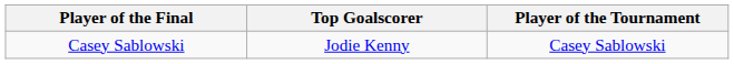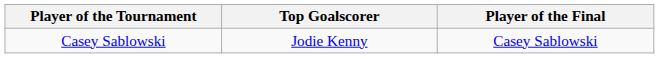 <table class=wikitable style="margin:auto; text-align:center">
 <tr>
+<th style="width: 220px;">Player of the Tournament</th>
+<th style="width: 220px;">Top Goalscorer</th>
 <th style="width: 220px;">Player of the Final</th>
-<th style="width: 220px;">Top Goalscorer</th>
-<th style="width: 220px;">Player of the Tournament</th>
 </tr>
 <tr>
 <td> <a href='#'>Casey Sablowski</a></td>
 <td> <a href='#'>Jodie Kenny</a></td>
 <td> <a href='#'>Casey Sablowski</a></td>
 </tr>
 </table>
